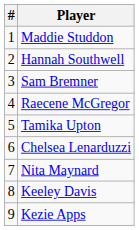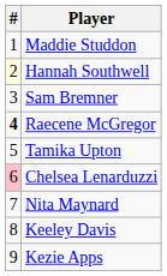 <table class="wikitable">
 <tr>
 <th>#</th>
 <th>Player</th>
 </tr>
 <tr>
 <td>1</td>
 <td> <a href='#'>Maddie Studdon</a></td>
 </tr>
 <tr>
-<td>2</td>
+<td style="background: lightyellow;">2</td>
 <td> <a href='#'>Hannah Southwell</a></td>
 </tr>
 <tr>
 <td>3</td>
 <td> <a href='#'>Sam Bremner</a></td>
 </tr>
 <tr>
-<td>4</td>
+<td><strong>4</strong></td>
 <td> <a href='#'>Raecene McGregor</a></td>
 </tr>
 <tr>
 <td>5</td>
 <td> <a href='#'>Tamika Upton</a></td>
 </tr>
 <tr>
-<td>6</td>
+<td style="background: pink;">6</td>
 <td> <a href='#'>Chelsea Lenarduzzi</a></td>
 </tr>
 <tr>
 <td>7</td>
 <td> <a href='#'>Nita Maynard</a></td>
 </tr>
 <tr>
 <td>8</td>
 <td> <a href='#'>Keeley Davis</a></td>
 </tr>
 <tr>
 <td>9</td>
 <td> <a href='#'>Kezie Apps</a></td>
 </tr>
 </table>
